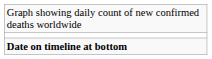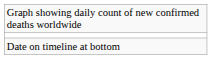 <table class=wikitable>
 <tr>
 <td style=max-width:300px>Graph showing daily count of new confirmed deaths worldwide</td>
 </tr>
 <tr>
 <td style=background-color:white;></td>
 </tr>
 <tr>
-<td style=max-width:300px><strong>Date on timeline at bottom</strong></td>
+<td style=max-width:300px>Date on timeline at bottom</td>
 </tr>
 </table>
